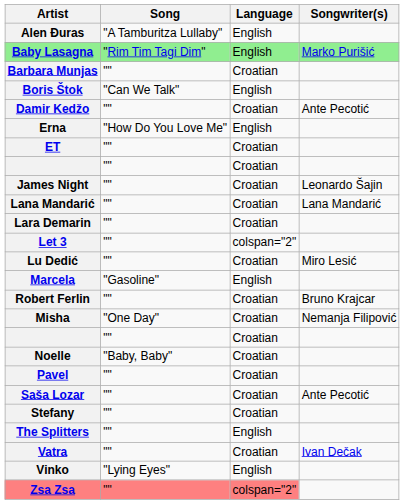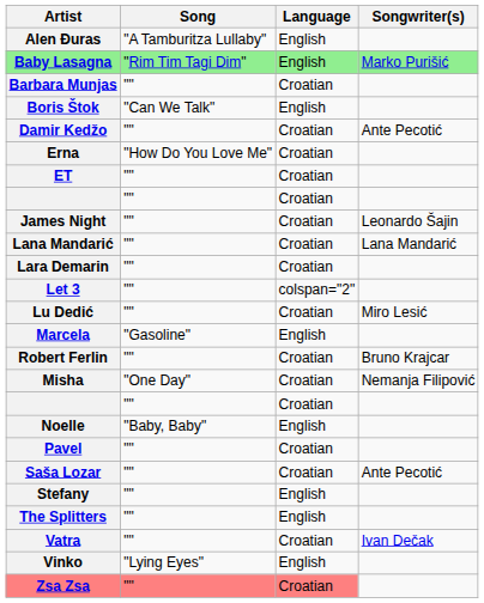 <table class="wikitable sortable plainrowheaders" style="margin: 1em auto 1em auto">
 <tr>
 <th>Artist</th>
 <th>Song</th>
 <th>Language</th>
 <th class="unsortable">Songwriter(s)</th>
 </tr>
 <tr>
 <th scope="row">Alen Đuras</th>
 <td>"A Tamburitza Lullaby"</td>
 <td>English</td>
 <td></td>
 </tr>
 <tr style="background:#90EE90;">
 <th scope="row" style="background:#90EE90;"><a href='#'>Baby Lasagna</a></th>
 <td>"<a href='#'>Rim Tim Tagi Dim</a>"</td>
 <td>English</td>
 <td><a href='#'>Marko Purišić</a></td>
 </tr>
 <tr>
 <th scope="row"><a href='#'>Barbara Munjas</a></th>
 <td>""</td>
 <td>Croatian</td>
 <td></td>
 </tr>
 <tr>
 <th scope="row"><a href='#'>Boris Štok</a></th>
 <td>"Can We Talk"</td>
 <td>English</td>
 <td></td>
 </tr>
 <tr>
 <th scope="row"><a href='#'>Damir Kedžo</a></th>
 <td>""</td>
 <td>Croatian</td>
 <td>Ante Pecotić</td>
 </tr>
 <tr>
 <th scope="row">Erna</th>
 <td>"How Do You Love Me"</td>
-<td>English</td>
+<td>Croatian</td>
 <td></td>
 </tr>
 <tr>
 <th scope="row"><a href='#'>ET</a></th>
 <td>""</td>
 <td>Croatian</td>
 <td></td>
 </tr>
 <tr>
 <th scope="row"></th>
 <td>""</td>
 <td>Croatian</td>
 <td></td>
 </tr>
 <tr>
 <th scope="row">James Night</th>
 <td>""</td>
 <td>Croatian</td>
 <td>Leonardo Šajin</td>
 </tr>
 <tr>
 <th scope="row">Lana Mandarić</th>
 <td>""</td>
 <td>Croatian</td>
 <td>Lana Mandarić</td>
 </tr>
 <tr>
 <th scope="row">Lara Demarin</th>
 <td>""</td>
 <td>Croatian</td>
 <td></td>
 </tr>
 <tr>
 <th scope="row"><a href='#'>Let 3</a></th>
 <td>""</td>
 <td>colspan="2" </td>
 <td></td>
 </tr>
 <tr>
 <th scope="row">Lu Dedić</th>
 <td>""</td>
 <td>Croatian</td>
 <td>Miro Lesić</td>
 </tr>
 <tr>
 <th scope="row"><a href='#'>Marcela</a></th>
 <td>"Gasoline"</td>
 <td>English</td>
 <td></td>
 </tr>
 <tr>
 <th scope="row">  Robert Ferlin</th>
 <td>""</td>
 <td>Croatian</td>
 <td>Bruno Krajcar</td>
 </tr>
 <tr>
 <th scope="row">Misha</th>
 <td>"One Day"</td>
 <td>Croatian</td>
 <td>Nemanja Filipović</td>
 </tr>
 <tr>
 <th scope="row"></th>
 <td>""</td>
 <td>Croatian</td>
 <td></td>
 </tr>
 <tr>
 <th scope="row">Noelle</th>
 <td>"Baby, Baby"</td>
-<td>Croatian</td>
+<td>English</td>
 <td></td>
 </tr>
 <tr>
 <th scope="row"><a href='#'>Pavel</a></th>
 <td>""</td>
 <td>Croatian</td>
 <td></td>
 </tr>
 <tr>
 <th scope="row"><a href='#'>Saša Lozar</a></th>
 <td>""</td>
 <td>Croatian</td>
 <td>Ante Pecotić</td>
 </tr>
 <tr>
 <th scope="row">Stefany</th>
 <td>""</td>
-<td>Croatian</td>
+<td>English</td>
 <td></td>
 </tr>
 <tr>
 <th scope="row"><a href='#'>The Splitters</a></th>
 <td>""</td>
 <td>English</td>
 <td></td>
 </tr>
 <tr>
 <th scope="row"><a href='#'>Vatra</a></th>
 <td>""</td>
 <td>Croatian</td>
 <td><a href='#'>Ivan Dečak</a></td>
 </tr>
 <tr>
 <th scope="row">Vinko</th>
 <td>"Lying Eyes"</td>
 <td>English</td>
 <td></td>
 </tr>
 <tr style="background:#fe8080;">
 <th scope="row" style="background:#fe8080;"><a href='#'>Zsa Zsa</a></th>
 <td>""</td>
-<td>colspan="2" </td>
+<td>Croatian</td>
 </tr>
 </table>
